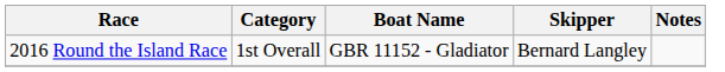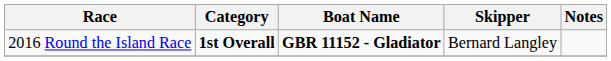 <table class="wikitable" style="text-align:center">
 <tr>
 <th>Race</th>
 <th>Category</th>
 <th>Boat Name</th>
 <th>Skipper</th>
 <th>Notes</th>
 </tr>
 <tr>
 <td>2016 <a href='#'>Round the Island Race</a></td>
-<td>1st Overall</td>
-<td>GBR 11152 - Gladiator</td>
+<td><strong>1st Overall</strong></td>
+<td><strong>GBR 11152 - Gladiator</strong></td>
 <td>Bernard Langley</td>
 <td></td>
 </tr>
 <tr>
 </tr>
 </table>
